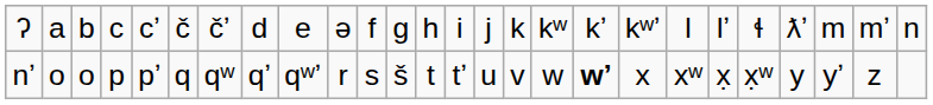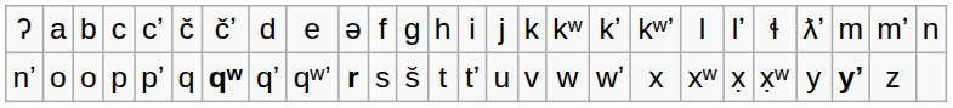 <table class="wikitable" style="text-align: center;">
 <tr>
 <td>ʔ</td>
 <td>a</td>
 <td>b</td>
 <td>c</td>
 <td>cʼ</td>
 <td>č</td>
 <td>čʼ</td>
 <td>d</td>
 <td>e</td>
 <td>ə</td>
 <td>f</td>
 <td>g</td>
 <td>h</td>
 <td>i</td>
 <td>j</td>
 <td>k</td>
 <td>kʷ</td>
 <td>kʼ</td>
 <td>kʷʼ</td>
 <td>l</td>
 <td>lʼ</td>
 <td>ɬ</td>
 <td>ƛʼ</td>
 <td>m</td>
 <td>mʼ</td>
 <td>n</td>
 </tr>
 <tr>
 <td>nʼ</td>
 <td>o</td>
 <td>o</td>
 <td>p</td>
 <td>pʼ</td>
 <td>q</td>
-<td>qʷ</td>
+<td><strong>qʷ</strong></td>
 <td>qʼ</td>
 <td>qʷʼ</td>
-<td>r</td>
+<td><strong>r</strong></td>
 <td>s</td>
 <td>š</td>
 <td>t</td>
 <td>tʼ</td>
 <td>u</td>
 <td>v</td>
 <td>w</td>
-<td><strong>wʼ</strong></td>
+<td>wʼ</td>
 <td>x</td>
 <td>xʷ</td>
 <td>x̣</td>
 <td>x̣ʷ</td>
 <td>y</td>
-<td>yʼ</td>
+<td><strong>yʼ</strong></td>
 <td>z</td>
 </tr>
 </table>
